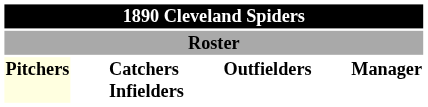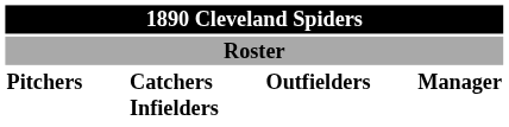 <table class="toccolours" style="font-size: 95%;">
 <tr>
 <th colspan="10" style="background-color: #000000; color: #FFFFFF; text-align: center;">1890 Cleveland Spiders</th>
 </tr>
 <tr>
 <td colspan="10" style="background-color: #A9A9A9; color: #000000; text-align: center;"><strong>Roster</strong></td>
 </tr>
 <tr>
-<td valign="top" style="background: lightyellow;"><strong>Pitchers</strong><br>       </td>
+<td valign="top"><strong>Pitchers</strong><br>       </td>
 <td width="25px"></td>
 <td valign="top"><strong>Catchers</strong><br>  <strong>Infielders</strong>       </td>
 <td width="25px"></td>
 <td valign="top"><strong>Outfielders</strong><br>       </td>
 <td width="25px"></td>
 <td valign="top"><strong>Manager</strong><br> </td>
 </tr>
 </table>
